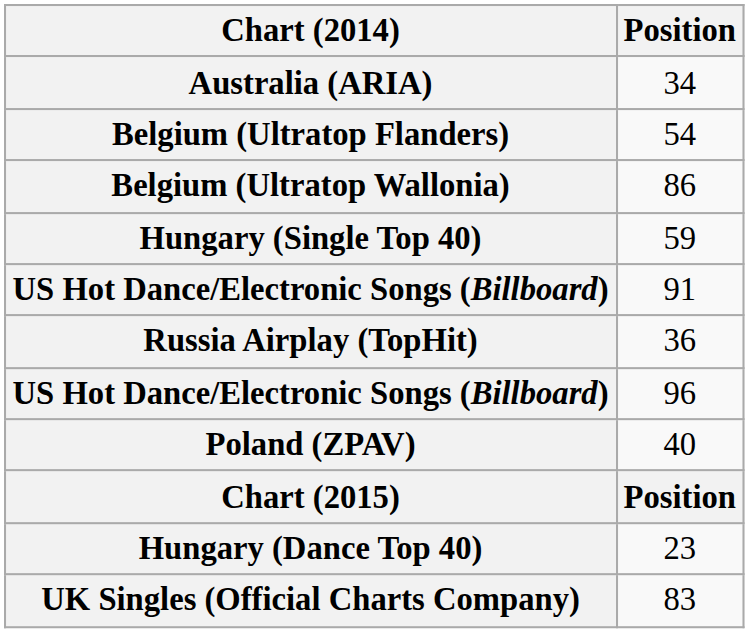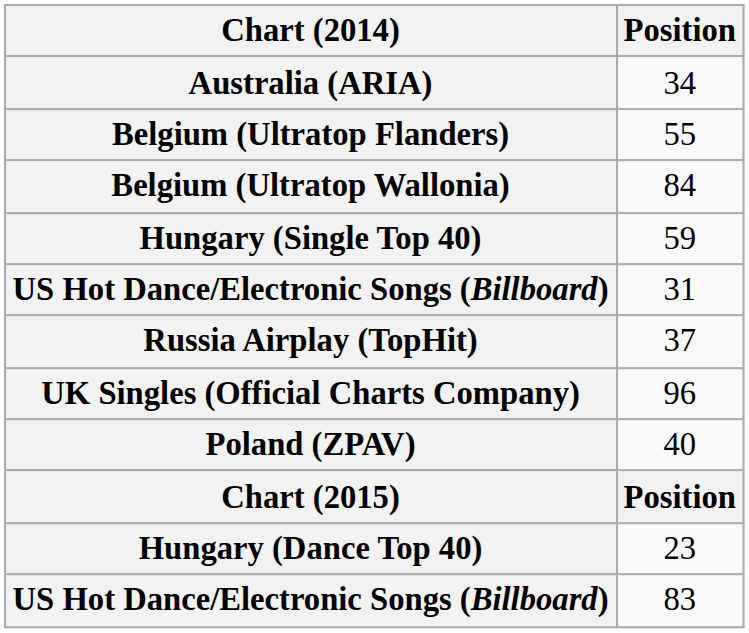 <table class="wikitable sortable plainrowheaders" style="text-align:center;">
 <tr>
 <th scope="col">Chart (2014)</th>
 <th scope="col">Position</th>
 </tr>
 <tr>
 <th scope="row">Australia (ARIA)</th>
 <td>34</td>
 </tr>
 <tr>
 <th scope="row">Belgium (Ultratop Flanders)</th>
-<td>54</td>
+<td>55</td>
 </tr>
 <tr>
 <th scope="row">Belgium (Ultratop Wallonia)</th>
-<td>86</td>
+<td>84</td>
 </tr>
 <tr>
 <th scope="row">Hungary (Single Top 40)</th>
 <td>59</td>
 </tr>
 <tr>
 <th scope="row">US Hot Dance/Electronic Songs (<em>Billboard</em>)</th>
-<td>91</td>
+<td>31</td>
 </tr>
 <tr>
 <th scope="row">Russia Airplay (TopHit)</th>
-<td>36</td>
+<td>37</td>
 </tr>
 <tr>
-<th scope="row">US Hot Dance/Electronic Songs (<em>Billboard</em>)</th>
+<th scope="row">UK Singles (Official Charts Company)</th>
 <td>96</td>
 </tr>
 <tr>
 <th scope="row">Poland (ZPAV)</th>
 <td>40</td>
 </tr>
 <tr>
 <th scope="col">Chart (2015)</th>
 <th scope="col">Position</th>
 </tr>
 <tr>
 <th scope="row">Hungary (Dance Top 40)</th>
 <td>23</td>
 </tr>
 <tr>
-<th scope="row">UK Singles (Official Charts Company)</th>
+<th scope="row">US Hot Dance/Electronic Songs (<em>Billboard</em>)</th>
 <td>83</td>
 </tr>
 </table>
